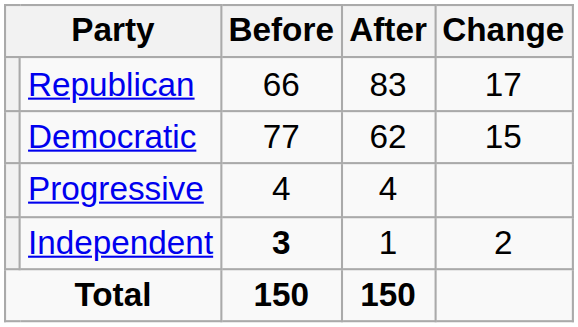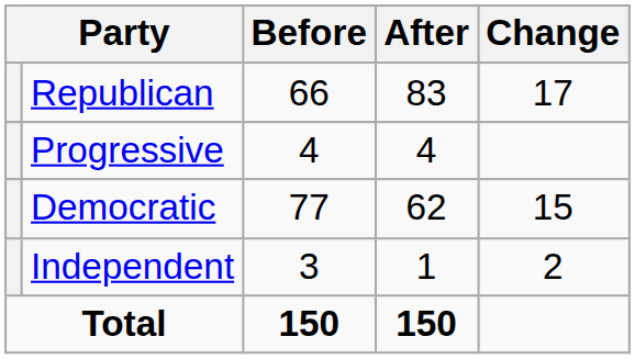 <table class="wikitable" style="text-align:center;">
 <tr>
 <th colspan="2">Party</th>
 <th>Before</th>
 <th>After</th>
 <th>Change</th>
 </tr>
 <tr>
 <th style="background-color:"></th>
 <td style="text-align:left;"><a href='#'>Republican</a></td>
 <td>66</td>
 <td>83</td>
 <td> 17</td>
 </tr>
 <tr>
 <th style="background-color:"></th>
+<td style="text-align:left;"><a href='#'>Progressive</a></td>
+<td>4</td>
+<td>4</td>
+<td></td>
+</tr>
+<tr>
+<th style="background-color:"></th>
 <td style="text-align:left;"><a href='#'>Democratic</a></td>
 <td>77</td>
 <td>62</td>
 <td> 15</td>
 </tr>
 <tr>
 <th style="background-color:"></th>
-<td style="text-align:left;"><a href='#'>Progressive</a></td>
-<td>4</td>
-<td>4</td>
-<td></td>
-</tr>
-<tr>
-<th style="background-color:"></th>
 <td style="text-align:left;"><a href='#'>Independent</a></td>
-<td><strong>3</strong></td>
+<td>3</td>
 <td>1</td>
 <td> 2</td>
 </tr>
 <tr>
 <td colspan="2"><strong>Total</strong></td>
 <td><strong>150</strong></td>
 <td><strong>150</strong></td>
 <td></td>
 </tr>
 </table>
